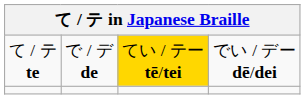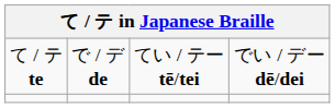 <table class="wikitable nowrap" style="text-align:center">
 <tr>
 <th colspan=4>て / テ in <a href='#'>Japanese Braille</a></th>
 </tr>
 <tr>
 <td>て / テ <br><strong>te</strong></td>
 <td>で / デ <br><strong>de</strong></td>
-<td style="background: gold;">てい / テー <br><strong>tē</strong>/<strong>tei</strong></td>
+<td>てい / テー <br><strong>tē</strong>/<strong>tei</strong></td>
 <td>でい / デー <br><strong>dē</strong>/<strong>dei</strong></td>
 </tr>
 <tr>
 <td></td>
 <td></td>
 <td></td>
 <td></td>
 </tr>
 </table>
